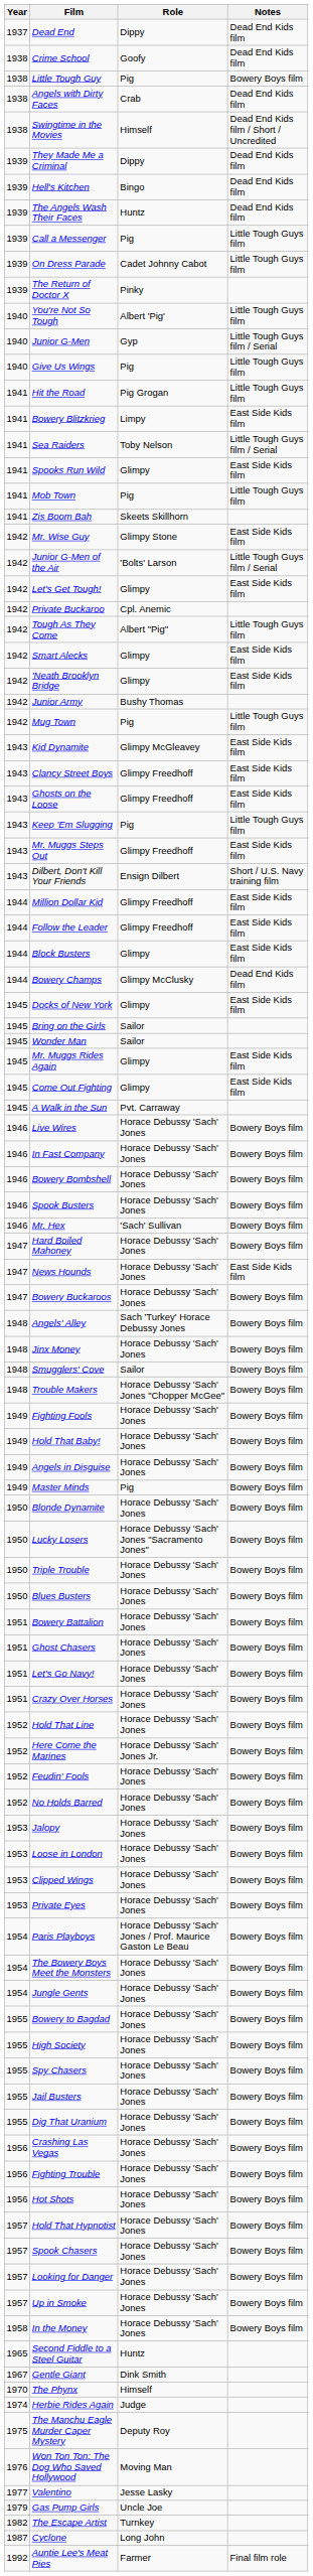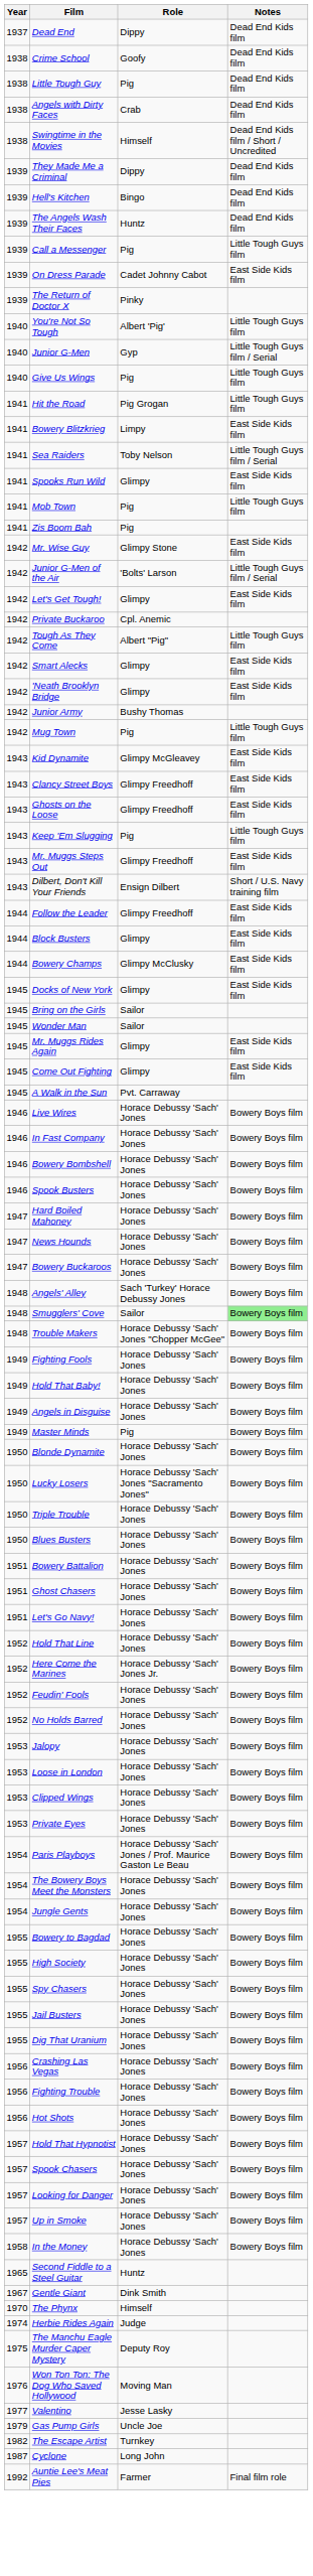 <table class="wikitable plainrowheaders sortable" style="width:82%;">
 <tr>
 <th>Year</th>
 <th>Film</th>
 <th>Role</th>
 <th>Notes</th>
 </tr>
 <tr>
 <td>1937</td>
 <td><em><a href='#'>Dead End</a></em></td>
 <td>Dippy</td>
 <td>Dead End Kids film</td>
 </tr>
 <tr>
 <td>1938</td>
 <td><em><a href='#'>Crime School</a></em></td>
 <td>Goofy</td>
 <td>Dead End Kids film</td>
 </tr>
 <tr>
 <td>1938</td>
 <td><em><a href='#'>Little Tough Guy</a></em></td>
 <td>Pig</td>
-<td>Bowery Boys film</td>
+<td>Dead End Kids film</td>
 </tr>
 <tr>
 <td>1938</td>
 <td><em><a href='#'>Angels with Dirty Faces</a></em></td>
 <td>Crab</td>
 <td>Dead End Kids film</td>
 </tr>
 <tr>
 <td>1938</td>
 <td><em><a href='#'>Swingtime in the Movies</a></em></td>
 <td>Himself</td>
 <td>Dead End Kids film / Short / Uncredited</td>
 </tr>
 <tr>
 <td>1939</td>
 <td><em><a href='#'>They Made Me a Criminal</a></em></td>
 <td>Dippy</td>
 <td>Dead End Kids film</td>
 </tr>
 <tr>
 <td>1939</td>
 <td><em><a href='#'>Hell's Kitchen</a></em></td>
 <td>Bingo</td>
 <td>Dead End Kids film</td>
 </tr>
 <tr>
 <td>1939</td>
 <td><em><a href='#'>The Angels Wash Their Faces</a></em></td>
 <td>Huntz</td>
 <td>Dead End Kids film</td>
 </tr>
 <tr>
 <td>1939</td>
 <td><em><a href='#'>Call a Messenger</a></em></td>
 <td>Pig</td>
 <td>Little Tough Guys film</td>
 </tr>
 <tr>
 <td>1939</td>
 <td><em><a href='#'>On Dress Parade</a></em></td>
 <td>Cadet Johnny Cabot</td>
-<td>Little Tough Guys film</td>
+<td>East Side Kids film</td>
 </tr>
 <tr>
 <td>1939</td>
 <td><em><a href='#'>The Return of Doctor X</a></em></td>
 <td>Pinky</td>
 <td></td>
 </tr>
 <tr>
 <td>1940</td>
 <td><em><a href='#'>You're Not So Tough</a></em></td>
 <td>Albert 'Pig'</td>
 <td>Little Tough Guys film</td>
 </tr>
 <tr>
 <td>1940</td>
 <td><em><a href='#'>Junior G-Men</a></em></td>
 <td>Gyp</td>
 <td>Little Tough Guys film / Serial</td>
 </tr>
 <tr>
 <td>1940</td>
 <td><em><a href='#'>Give Us Wings</a></em></td>
 <td>Pig</td>
 <td>Little Tough Guys film</td>
 </tr>
 <tr>
 <td>1941</td>
 <td><em><a href='#'>Hit the Road</a></em></td>
 <td>Pig Grogan</td>
 <td>Little Tough Guys film</td>
 </tr>
 <tr>
 <td>1941</td>
 <td><em><a href='#'>Bowery Blitzkrieg</a></em></td>
 <td>Limpy</td>
 <td>East Side Kids film</td>
 </tr>
 <tr>
 <td>1941</td>
 <td><em><a href='#'>Sea Raiders</a></em></td>
 <td>Toby Nelson</td>
 <td>Little Tough Guys film / Serial</td>
 </tr>
 <tr>
 <td>1941</td>
 <td><em><a href='#'>Spooks Run Wild</a></em></td>
 <td>Glimpy</td>
 <td>East Side Kids film</td>
 </tr>
 <tr>
 <td>1941</td>
 <td><em><a href='#'>Mob Town</a></em></td>
 <td>Pig</td>
 <td>Little Tough Guys film</td>
 </tr>
 <tr>
 <td>1941</td>
 <td><em><a href='#'>Zis Boom Bah</a></em></td>
-<td>Skeets Skillhorn</td>
+<td>Pig</td>
 <td></td>
 </tr>
 <tr>
 <td>1942</td>
 <td><em><a href='#'>Mr. Wise Guy</a></em></td>
 <td>Glimpy Stone</td>
 <td>East Side Kids film</td>
 </tr>
 <tr>
 <td>1942</td>
 <td><em><a href='#'>Junior G-Men of the Air</a></em></td>
 <td>'Bolts' Larson</td>
 <td>Little Tough Guys film / Serial</td>
 </tr>
 <tr>
 <td>1942</td>
 <td><em><a href='#'>Let's Get Tough!</a></em></td>
 <td>Glimpy</td>
 <td>East Side Kids film</td>
 </tr>
 <tr>
 <td>1942</td>
 <td><em><a href='#'>Private Buckaroo</a></em></td>
 <td>Cpl. Anemic</td>
 <td></td>
 </tr>
 <tr>
 <td>1942</td>
 <td><em><a href='#'>Tough As They Come</a></em></td>
 <td>Albert "Pig"</td>
 <td>Little Tough Guys film</td>
 </tr>
 <tr>
 <td>1942</td>
 <td><em><a href='#'>Smart Alecks</a></em></td>
 <td>Glimpy</td>
 <td>East Side Kids film</td>
 </tr>
 <tr>
 <td>1942</td>
 <td><em><a href='#'>'Neath Brooklyn Bridge</a></em></td>
 <td>Glimpy</td>
 <td>East Side Kids film</td>
 </tr>
 <tr>
 <td>1942</td>
 <td><em><a href='#'>Junior Army</a></em></td>
 <td>Bushy Thomas</td>
 <td></td>
 </tr>
 <tr>
 <td>1942</td>
 <td><em><a href='#'>Mug Town</a></em></td>
 <td>Pig</td>
 <td>Little Tough Guys film</td>
 </tr>
 <tr>
 <td>1943</td>
 <td><em><a href='#'>Kid Dynamite</a></em></td>
 <td>Glimpy McGleavey</td>
 <td>East Side Kids film</td>
 </tr>
 <tr>
 <td>1943</td>
 <td><em><a href='#'>Clancy Street Boys</a></em></td>
 <td>Glimpy Freedhoff</td>
 <td>East Side Kids film</td>
 </tr>
 <tr>
 <td>1943</td>
 <td><em><a href='#'>Ghosts on the Loose</a></em></td>
 <td>Glimpy Freedhoff</td>
 <td>East Side Kids film</td>
 </tr>
 <tr>
 <td>1943</td>
 <td><em><a href='#'>Keep 'Em Slugging</a></em></td>
 <td>Pig</td>
 <td>Little Tough Guys film</td>
 </tr>
 <tr>
 <td>1943</td>
 <td><em><a href='#'>Mr. Muggs Steps Out</a></em></td>
 <td>Glimpy Freedhoff</td>
 <td>East Side Kids film</td>
 </tr>
 <tr>
 <td>1943</td>
 <td><em>Dilbert, Don't Kill Your Friends</em></td>
 <td>Ensign Dilbert</td>
 <td>Short / U.S. Navy training film</td>
 </tr>
 <tr>
 <td>1944</td>
-<td><em><a href='#'>Million Dollar Kid</a></em></td>
-<td>Glimpy Freedhoff</td>
-<td>East Side Kids film</td>
-</tr>
-<tr>
-<td>1944</td>
 <td><em><a href='#'>Follow the Leader</a></em></td>
 <td>Glimpy Freedhoff</td>
 <td>East Side Kids film</td>
 </tr>
 <tr>
 <td>1944</td>
 <td><em><a href='#'>Block Busters</a></em></td>
 <td>Glimpy</td>
 <td>East Side Kids film</td>
 </tr>
 <tr>
 <td>1944</td>
 <td><em><a href='#'>Bowery Champs</a></em></td>
 <td>Glimpy McClusky</td>
-<td>Dead End Kids film</td>
+<td>East Side Kids film</td>
 </tr>
 <tr>
 <td>1945</td>
 <td><em><a href='#'>Docks of New York</a></em></td>
 <td>Glimpy</td>
 <td>East Side Kids film</td>
 </tr>
 <tr>
 <td>1945</td>
 <td><em><a href='#'>Bring on the Girls</a></em></td>
 <td>Sailor</td>
 <td></td>
 </tr>
 <tr>
 <td>1945</td>
 <td><em><a href='#'>Wonder Man</a></em></td>
 <td>Sailor</td>
 </tr>
 <tr>
 <td>1945</td>
 <td><em><a href='#'>Mr. Muggs Rides Again</a></em></td>
 <td>Glimpy</td>
 <td>East Side Kids film</td>
 </tr>
 <tr>
 <td>1945</td>
 <td><em><a href='#'>Come Out Fighting</a></em></td>
 <td>Glimpy</td>
 <td>East Side Kids film</td>
 </tr>
 <tr>
 <td>1945</td>
 <td><em><a href='#'>A Walk in the Sun</a></em></td>
 <td>Pvt. Carraway</td>
 <td></td>
 </tr>
 <tr>
 <td>1946</td>
 <td><em><a href='#'>Live Wires</a></em></td>
 <td>Horace Debussy 'Sach' Jones</td>
 <td>Bowery Boys film</td>
 </tr>
 <tr>
 <td>1946</td>
 <td><em><a href='#'>In Fast Company</a></em></td>
 <td>Horace Debussy 'Sach' Jones</td>
 <td>Bowery Boys film</td>
 </tr>
 <tr>
 <td>1946</td>
 <td><em><a href='#'>Bowery Bombshell</a></em></td>
 <td>Horace Debussy 'Sach' Jones</td>
 <td>Bowery Boys film</td>
 </tr>
 <tr>
 <td>1946</td>
 <td><em><a href='#'>Spook Busters</a></em></td>
 <td>Horace Debussy 'Sach' Jones</td>
 <td>Bowery Boys film</td>
 </tr>
 <tr>
-<td>1946</td>
-<td><em><a href='#'>Mr. Hex</a></em></td>
-<td>'Sach' Sullivan</td>
-<td>Bowery Boys film</td>
-</tr>
-<tr>
 <td>1947</td>
 <td><em><a href='#'>Hard Boiled Mahoney</a></em></td>
 <td>Horace Debussy 'Sach' Jones</td>
 <td>Bowery Boys film</td>
 </tr>
 <tr>
 <td>1947</td>
 <td><em><a href='#'>News Hounds</a></em></td>
 <td>Horace Debussy 'Sach' Jones</td>
-<td>East Side Kids film</td>
+<td>Bowery Boys film</td>
 </tr>
 <tr>
 <td>1947</td>
 <td><em><a href='#'>Bowery Buckaroos</a></em></td>
 <td>Horace Debussy 'Sach' Jones</td>
 <td>Bowery Boys film</td>
 </tr>
 <tr>
 <td>1948</td>
 <td><em><a href='#'>Angels' Alley</a></em></td>
 <td>Sach 'Turkey' Horace Debussy Jones</td>
 <td>Bowery Boys film</td>
 </tr>
 <tr>
 <td>1948</td>
-<td><em><a href='#'>Jinx Money</a></em></td>
-<td>Horace Debussy 'Sach' Jones</td>
-<td>Bowery Boys film</td>
-</tr>
-<tr>
-<td>1948</td>
 <td><em><a href='#'>Smugglers' Cove</a></em></td>
 <td>Sailor</td>
-<td>Bowery Boys film</td>
+<td style="background: lightgreen;">Bowery Boys film</td>
 </tr>
 <tr>
 <td>1948</td>
 <td><em><a href='#'>Trouble Makers</a></em></td>
 <td>Horace Debussy 'Sach' Jones "Chopper McGee"</td>
 <td>Bowery Boys film</td>
 </tr>
 <tr>
 <td>1949</td>
 <td><em><a href='#'>Fighting Fools</a></em></td>
 <td>Horace Debussy 'Sach' Jones</td>
 <td>Bowery Boys film</td>
 </tr>
 <tr>
 <td>1949</td>
 <td><em><a href='#'>Hold That Baby!</a></em></td>
 <td>Horace Debussy 'Sach' Jones</td>
 <td>Bowery Boys film</td>
 </tr>
 <tr>
 <td>1949</td>
 <td><em><a href='#'>Angels in Disguise</a></em></td>
 <td>Horace Debussy 'Sach' Jones</td>
 <td>Bowery Boys film</td>
 </tr>
 <tr>
 <td>1949</td>
 <td><em><a href='#'>Master Minds</a></em></td>
 <td>Pig</td>
 <td>Bowery Boys film</td>
 </tr>
 <tr>
 <td>1950</td>
 <td><em><a href='#'>Blonde Dynamite</a></em></td>
 <td>Horace Debussy 'Sach' Jones</td>
 <td>Bowery Boys film</td>
 </tr>
 <tr>
 <td>1950</td>
 <td><em><a href='#'>Lucky Losers</a></em></td>
 <td>Horace Debussy 'Sach' Jones "Sacramento Jones"</td>
 <td>Bowery Boys film</td>
 </tr>
 <tr>
 <td>1950</td>
 <td><em><a href='#'>Triple Trouble</a></em></td>
 <td>Horace Debussy 'Sach' Jones</td>
 <td>Bowery Boys film</td>
 </tr>
 <tr>
 <td>1950</td>
 <td><em><a href='#'>Blues Busters</a></em></td>
 <td>Horace Debussy 'Sach' Jones</td>
 <td>Bowery Boys film</td>
 </tr>
 <tr>
 <td>1951</td>
 <td><em><a href='#'>Bowery Battalion</a></em></td>
 <td>Horace Debussy 'Sach' Jones</td>
 <td>Bowery Boys film</td>
 </tr>
 <tr>
 <td>1951</td>
 <td><em><a href='#'>Ghost Chasers</a></em></td>
 <td>Horace Debussy 'Sach' Jones</td>
 <td>Bowery Boys film</td>
 </tr>
 <tr>
 <td>1951</td>
 <td><em><a href='#'>Let's Go Navy!</a></em></td>
-<td>Horace Debussy 'Sach' Jones</td>
-<td>Bowery Boys film</td>
-</tr>
-<tr>
-<td>1951</td>
-<td><em><a href='#'>Crazy Over Horses</a></em></td>
 <td>Horace Debussy 'Sach' Jones</td>
 <td>Bowery Boys film</td>
 </tr>
 <tr>
 <td>1952</td>
 <td><em><a href='#'>Hold That Line</a></em></td>
 <td>Horace Debussy 'Sach' Jones</td>
 <td>Bowery Boys film</td>
 </tr>
 <tr>
 <td>1952</td>
 <td><em><a href='#'>Here Come the Marines</a></em></td>
 <td>Horace Debussy 'Sach' Jones Jr.</td>
 <td>Bowery Boys film</td>
 </tr>
 <tr>
 <td>1952</td>
 <td><em><a href='#'>Feudin' Fools</a></em></td>
 <td>Horace Debussy 'Sach' Jones</td>
 <td>Bowery Boys film</td>
 </tr>
 <tr>
 <td>1952</td>
 <td><em><a href='#'>No Holds Barred</a></em></td>
 <td>Horace Debussy 'Sach' Jones</td>
 <td>Bowery Boys film</td>
 </tr>
 <tr>
 <td>1953</td>
 <td><em><a href='#'>Jalopy</a></em></td>
 <td>Horace Debussy 'Sach' Jones</td>
 <td>Bowery Boys film</td>
 </tr>
 <tr>
 <td>1953</td>
 <td><em><a href='#'>Loose in London</a></em></td>
 <td>Horace Debussy 'Sach' Jones</td>
 <td>Bowery Boys film</td>
 </tr>
 <tr>
 <td>1953</td>
 <td><em><a href='#'>Clipped Wings</a></em></td>
 <td>Horace Debussy 'Sach' Jones</td>
 <td>Bowery Boys film</td>
 </tr>
 <tr>
 <td>1953</td>
 <td><em><a href='#'>Private Eyes</a></em></td>
 <td>Horace Debussy 'Sach' Jones</td>
 <td>Bowery Boys film</td>
 </tr>
 <tr>
 <td>1954</td>
 <td><em><a href='#'>Paris Playboys</a></em></td>
 <td>Horace Debussy 'Sach' Jones / Prof. Maurice Gaston Le Beau</td>
 <td>Bowery Boys film</td>
 </tr>
 <tr>
 <td>1954</td>
 <td><em><a href='#'>The Bowery Boys Meet the Monsters</a></em></td>
 <td>Horace Debussy 'Sach' Jones</td>
 <td>Bowery Boys film</td>
 </tr>
 <tr>
 <td>1954</td>
 <td><em><a href='#'>Jungle Gents</a></em></td>
 <td>Horace Debussy 'Sach' Jones</td>
 <td>Bowery Boys film</td>
 </tr>
 <tr>
 <td>1955</td>
 <td><em><a href='#'>Bowery to Bagdad</a></em></td>
 <td>Horace Debussy 'Sach' Jones</td>
 <td>Bowery Boys film</td>
 </tr>
 <tr>
 <td>1955</td>
 <td><em><a href='#'>High Society</a></em></td>
 <td>Horace Debussy 'Sach' Jones</td>
 <td>Bowery Boys film</td>
 </tr>
 <tr>
 <td>1955</td>
 <td><em><a href='#'>Spy Chasers</a></em></td>
 <td>Horace Debussy 'Sach' Jones</td>
 <td>Bowery Boys film</td>
 </tr>
 <tr>
 <td>1955</td>
 <td><em><a href='#'>Jail Busters</a></em></td>
 <td>Horace Debussy 'Sach' Jones</td>
 <td>Bowery Boys film</td>
 </tr>
 <tr>
 <td>1955</td>
 <td><em><a href='#'>Dig That Uranium</a></em></td>
 <td>Horace Debussy 'Sach' Jones</td>
 <td>Bowery Boys film</td>
 </tr>
 <tr>
 <td>1956</td>
 <td><em><a href='#'>Crashing Las Vegas</a></em></td>
 <td>Horace Debussy 'Sach' Jones</td>
 <td>Bowery Boys film</td>
 </tr>
 <tr>
 <td>1956</td>
 <td><em><a href='#'>Fighting Trouble</a></em></td>
 <td>Horace Debussy 'Sach' Jones</td>
 <td>Bowery Boys film</td>
 </tr>
 <tr>
 <td>1956</td>
 <td><em><a href='#'>Hot Shots</a></em></td>
 <td>Horace Debussy 'Sach' Jones</td>
 <td>Bowery Boys film</td>
 </tr>
 <tr>
 <td>1957</td>
 <td><em><a href='#'>Hold That Hypnotist</a></em></td>
 <td>Horace Debussy 'Sach' Jones</td>
 <td>Bowery Boys film</td>
 </tr>
 <tr>
 <td>1957</td>
 <td><em><a href='#'>Spook Chasers</a></em></td>
 <td>Horace Debussy 'Sach' Jones</td>
 <td>Bowery Boys film</td>
 </tr>
 <tr>
 <td>1957</td>
 <td><em><a href='#'>Looking for Danger</a></em></td>
 <td>Horace Debussy 'Sach' Jones</td>
 <td>Bowery Boys film</td>
 </tr>
 <tr>
 <td>1957</td>
 <td><em><a href='#'>Up in Smoke</a></em></td>
 <td>Horace Debussy 'Sach' Jones</td>
 <td>Bowery Boys film</td>
 </tr>
 <tr>
 <td>1958</td>
 <td><em><a href='#'>In the Money</a></em></td>
 <td>Horace Debussy 'Sach' Jones</td>
 <td>Bowery Boys film</td>
 </tr>
 <tr>
 <td>1965</td>
 <td><em><a href='#'>Second Fiddle to a Steel Guitar</a></em></td>
 <td>Huntz</td>
 <td></td>
 </tr>
 <tr>
 <td>1967</td>
 <td><em><a href='#'>Gentle Giant</a></em></td>
 <td>Dink Smith</td>
 <td></td>
 </tr>
 <tr>
 <td>1970</td>
 <td><em><a href='#'>The Phynx</a></em></td>
 <td>Himself</td>
 <td></td>
 </tr>
 <tr>
 <td>1974</td>
 <td><em><a href='#'>Herbie Rides Again</a></em></td>
 <td>Judge</td>
 <td></td>
 </tr>
 <tr>
 <td>1975</td>
 <td><em><a href='#'>The Manchu Eagle Murder Caper Mystery</a></em></td>
 <td>Deputy Roy</td>
 <td></td>
 </tr>
 <tr>
 <td>1976</td>
 <td><em><a href='#'>Won Ton Ton: The Dog Who Saved Hollywood</a></em></td>
 <td>Moving Man</td>
 <td></td>
 </tr>
 <tr>
 <td>1977</td>
 <td><em><a href='#'>Valentino</a></em></td>
 <td>Jesse Lasky</td>
 <td></td>
 </tr>
 <tr>
 <td>1979</td>
 <td><em><a href='#'>Gas Pump Girls</a></em></td>
 <td>Uncle Joe</td>
 <td></td>
 </tr>
 <tr>
 <td>1982</td>
 <td><em><a href='#'>The Escape Artist</a></em></td>
 <td>Turnkey</td>
 <td></td>
 </tr>
 <tr>
 <td>1987</td>
 <td><em><a href='#'>Cyclone</a></em></td>
 <td>Long John</td>
 <td></td>
 </tr>
 <tr>
 <td>1992</td>
 <td><em><a href='#'>Auntie Lee's Meat Pies</a></em></td>
 <td>Farmer</td>
 <td>Final film role</td>
 </tr>
 </table>
